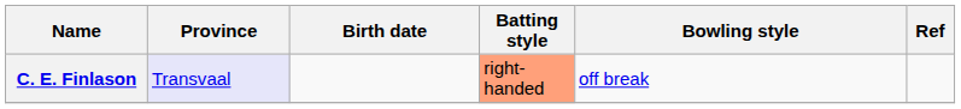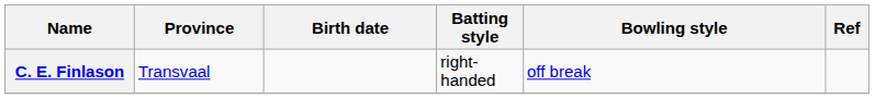 <table class="wikitable plainrowheaders" style="font-size:95%; width:90%;">
 <tr>
 <th scope="col" width="15%">Name</th>
 <th scope="col" width="15%">Province</th>
 <th scope="col" width="20%">Birth date</th>
 <th scope="col" width="10%">Batting style</th>
 <th scope="col" width="35%">Bowling style</th>
 <th scope="col" width="5%">Ref</th>
 </tr>
 <tr>
 <th scope="row"><a href='#'>C. E. Finlason</a></th>
-<td style="background: lavender;"><a href='#'>Transvaal</a></td>
+<td><a href='#'>Transvaal</a></td>
 <td></td>
-<td style="background: lightsalmon;">right-handed</td>
+<td>right-handed</td>
 <td><a href='#'>off break</a></td>
 <td></td>
 </tr>
 <tr>
 </tr>
 </table>
